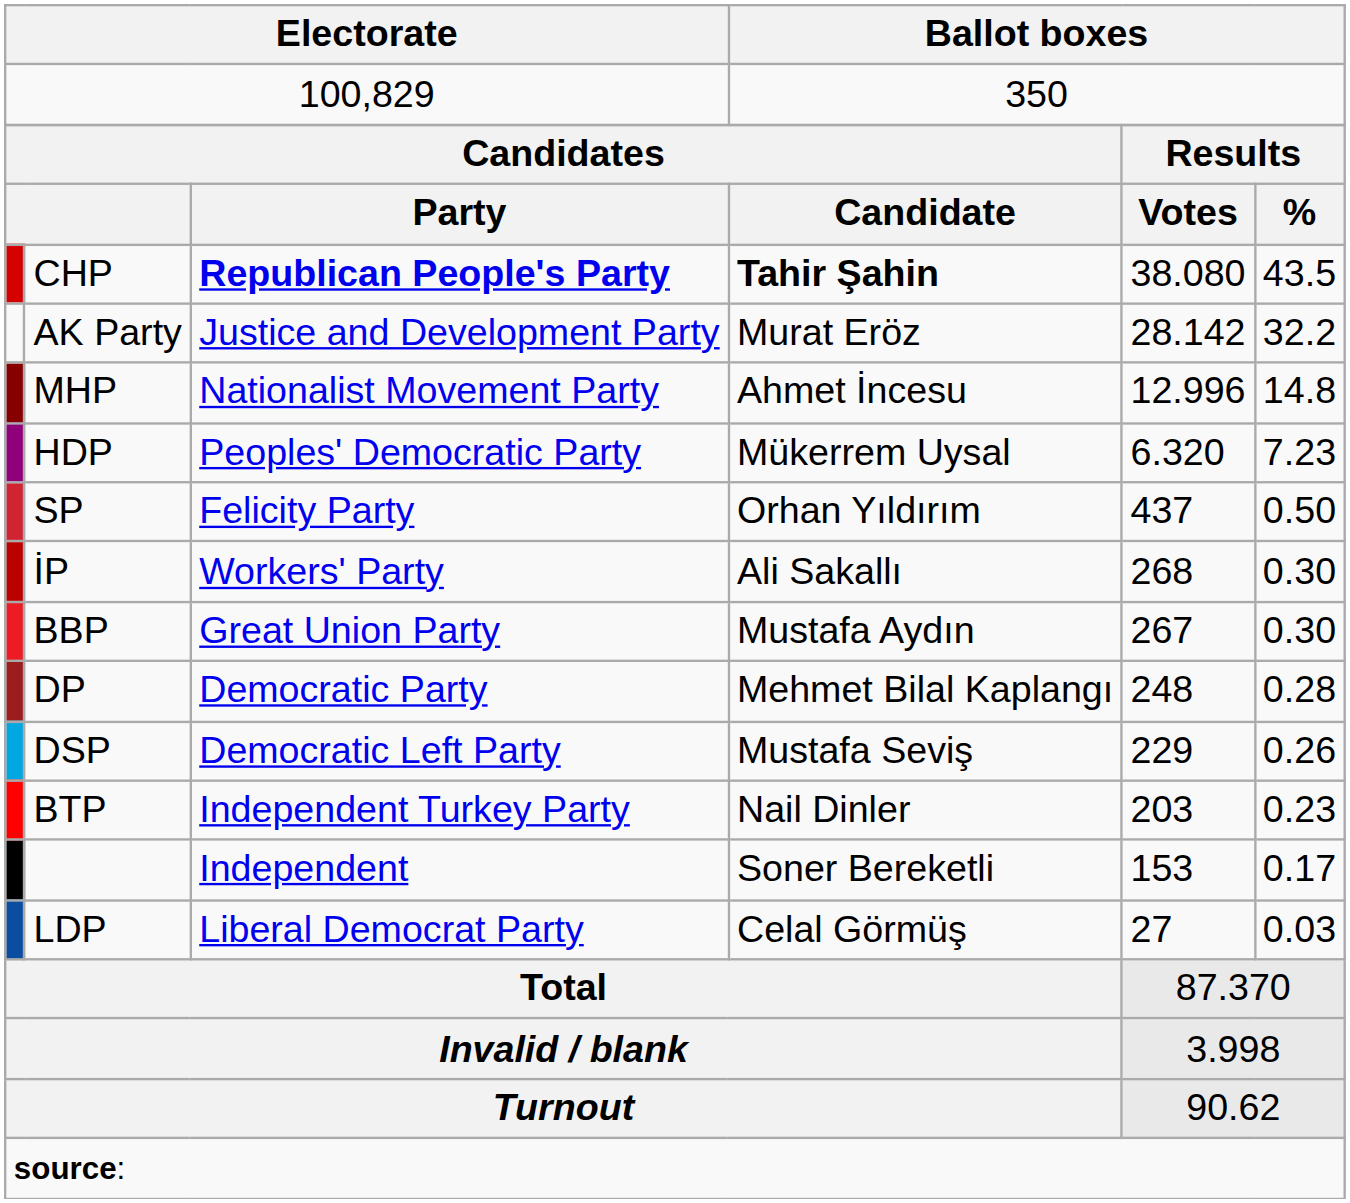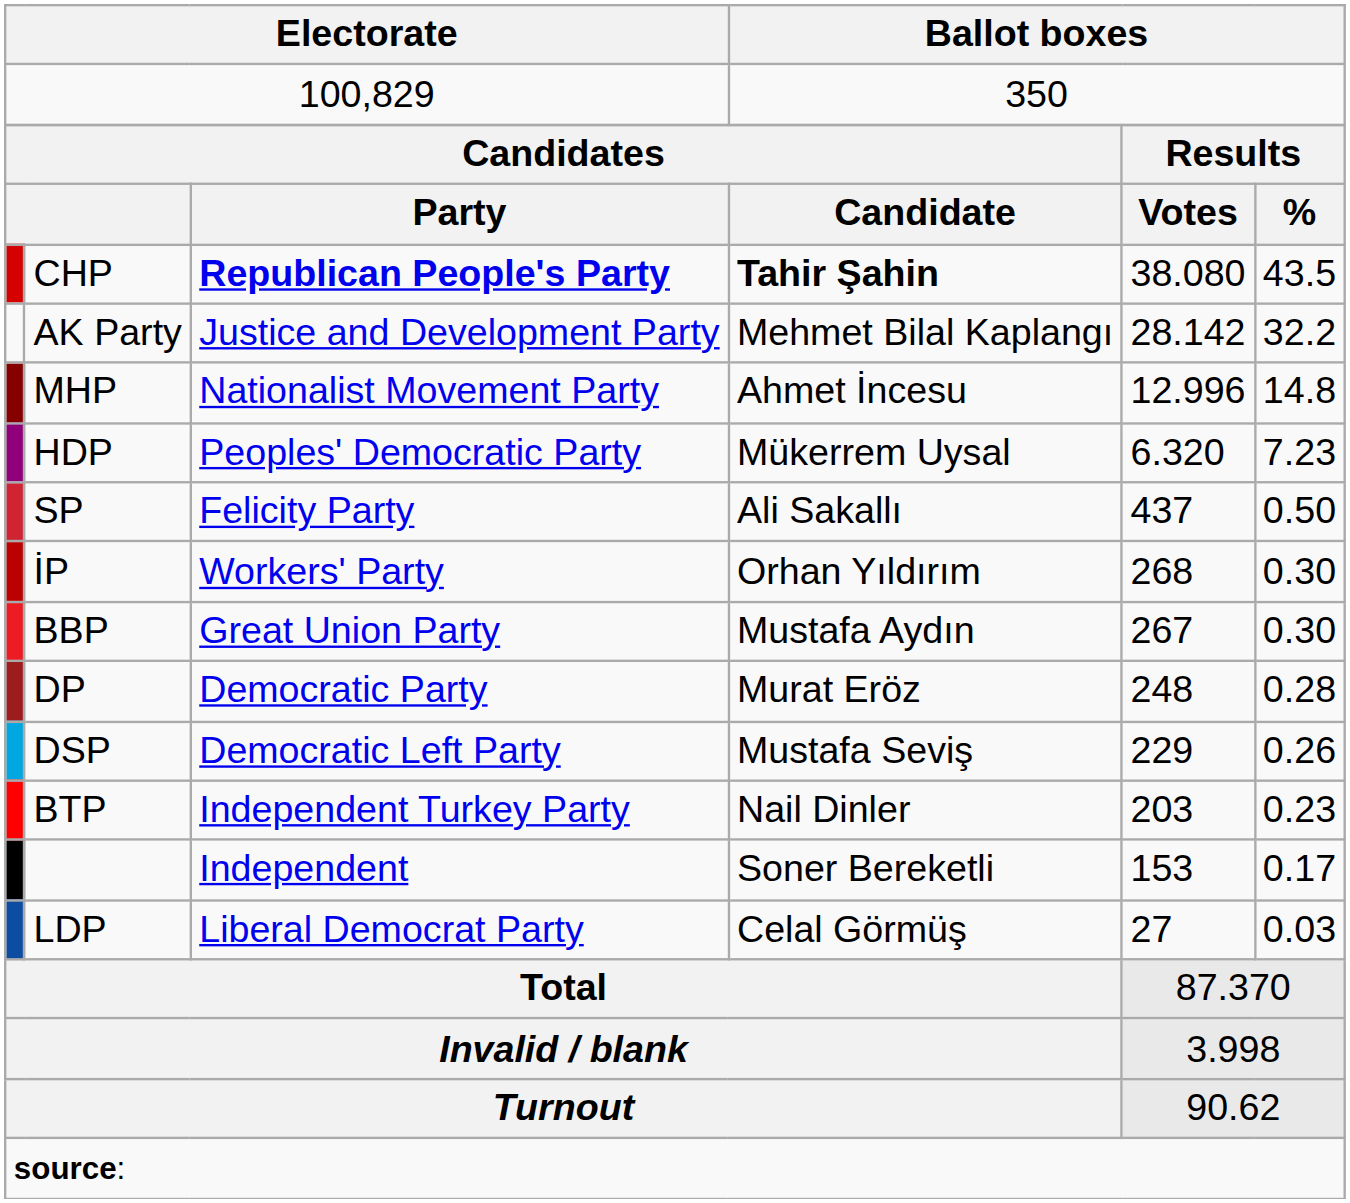 <table class="wikitable">
 <tr style="background-color:#F2F2F2">
 <td align="center" colspan="3"><strong>Electorate</strong></td>
 <td align="center" colspan="7"><strong>Ballot boxes</strong></td>
 </tr>
 <tr align="left">
 <td align="center" colspan="3">100,829</td>
 <td align="center" colspan="7">350</td>
 </tr>
 <tr>
 </tr>
 <tr style="background-color:#E9E9E9">
 </tr>
 <tr>
 <th align="center" colspan="4">Candidates</th>
 <th align="center" colspan="6">Results</th>
 </tr>
 <tr style="background-color:#E9E9E9">
 <th align="center" colspan="2"></th>
 <th align="center">Party</th>
 <th align="center">Candidate</th>
 <th align="center">Votes</th>
 <th align="center">%</th>
 </tr>
 <tr align="left">
 <td bgcolor="#d50000" width=1></td>
 <td>CHP</td>
 <td><strong><a href='#'>Republican People's Party</a></strong></td>
 <td><strong>Tahir Şahin</strong></td>
 <td>38.080</td>
 <td>43.5</td>
 </tr>
 <tr align="left">
 <td></td>
 <td>AK Party</td>
 <td><a href='#'>Justice and Development Party</a></td>
-<td>Murat Eröz</td>
+<td>Mehmet Bilal Kaplangı</td>
 <td>28.142</td>
 <td>32.2</td>
 </tr>
 <tr align="left">
 <td bgcolor="#870000" width=1></td>
 <td>MHP</td>
 <td><a href='#'>Nationalist Movement Party</a></td>
 <td>Ahmet İncesu</td>
 <td>12.996</td>
 <td>14.8</td>
 </tr>
 <tr align="left">
 <td bgcolor="#91007B" width=1></td>
 <td>HDP</td>
 <td><a href='#'>Peoples' Democratic Party</a></td>
 <td>Mükerrem Uysal</td>
 <td>6.320</td>
 <td>7.23</td>
 </tr>
 <tr align="left">
 <td bgcolor="#D02433" width=1></td>
 <td>SP</td>
 <td><a href='#'>Felicity Party</a></td>
-<td>Orhan Yıldırım</td>
+<td>Ali Sakallı</td>
 <td>437</td>
 <td>0.50</td>
 </tr>
 <tr align="left">
 <td bgcolor="#BB0000" width=1></td>
 <td>İP</td>
 <td><a href='#'>Workers' Party</a></td>
-<td>Ali Sakallı</td>
+<td>Orhan Yıldırım</td>
 <td>268</td>
 <td>0.30</td>
 </tr>
 <tr align="left">
 <td bgcolor="#ED1C24" width=1></td>
 <td>BBP</td>
 <td><a href='#'>Great Union Party</a></td>
 <td>Mustafa Aydın</td>
 <td>267</td>
 <td>0.30</td>
 </tr>
 <tr align="left">
 <td bgcolor="#9D1D1E" width=1></td>
 <td>DP</td>
 <td><a href='#'>Democratic Party</a></td>
-<td>Mehmet Bilal Kaplangı</td>
+<td>Murat Eröz</td>
 <td>248</td>
 <td>0.28</td>
 </tr>
 <tr align="left">
 <td bgcolor="#01A7E1" width=1></td>
 <td>DSP</td>
 <td><a href='#'>Democratic Left Party</a></td>
 <td>Mustafa Seviş</td>
 <td>229</td>
 <td>0.26</td>
 </tr>
 <tr align="left">
 <td bgcolor="#FE0000" width=1></td>
 <td>BTP</td>
 <td><a href='#'>Independent Turkey Party</a></td>
 <td>Nail Dinler</td>
 <td>203</td>
 <td>0.23</td>
 </tr>
 <tr align="left">
 <td bgcolor=" " width=1></td>
 <td></td>
 <td><a href='#'>Independent</a></td>
 <td>Soner Bereketli</td>
 <td>153</td>
 <td>0.17</td>
 </tr>
 <tr align="left">
 <td bgcolor="#0C4DA2" width=1></td>
 <td>LDP</td>
 <td><a href='#'>Liberal Democrat Party</a></td>
 <td>Celal Görmüş</td>
 <td>27</td>
 <td>0.03</td>
 </tr>
 <tr style="background-color:#E9E9E9" align="left">
 <th align="center" colspan="4"><strong>Total</strong></th>
 <td align="center" colspan="5">87.370</td>
 </tr>
 <tr style="background-color:#E9E9E9" align="left">
 <th align="center" colspan="4"><em>Invalid / blank</em></th>
 <td align="center" colspan="5">3.998</td>
 </tr>
 <tr style="background-color:#E9E9E9" align="left">
 <th align="center" colspan="4"><em>Turnout</em></th>
 <td align="center" colspan="5">90.62</td>
 </tr>
 <tr>
 <td align="left" colspan=10><small><strong>source</strong>: </small></td>
 </tr>
 </table>
